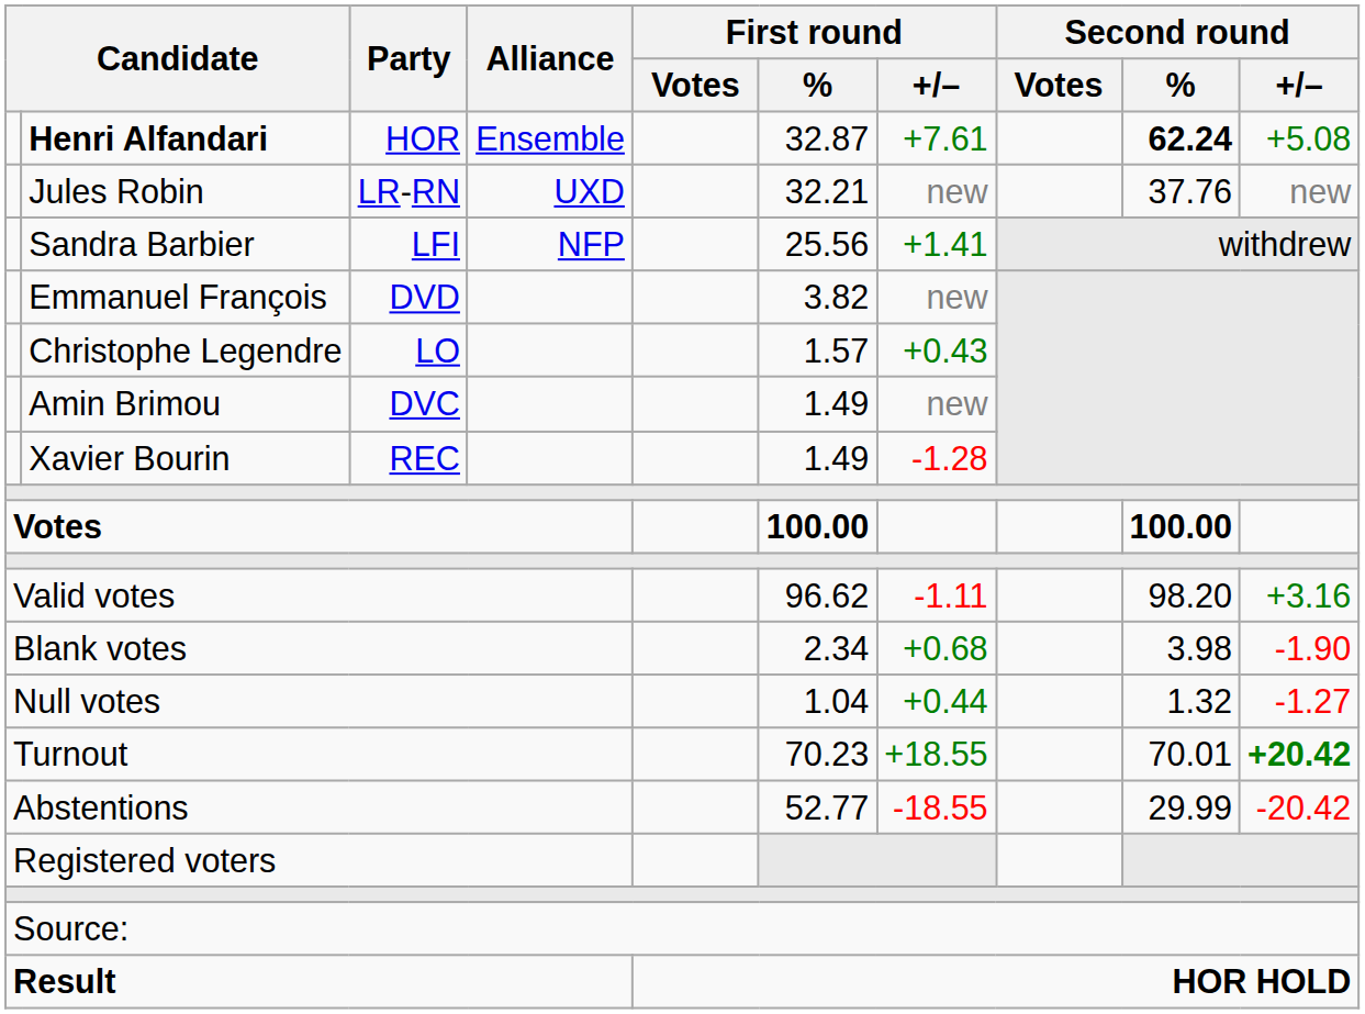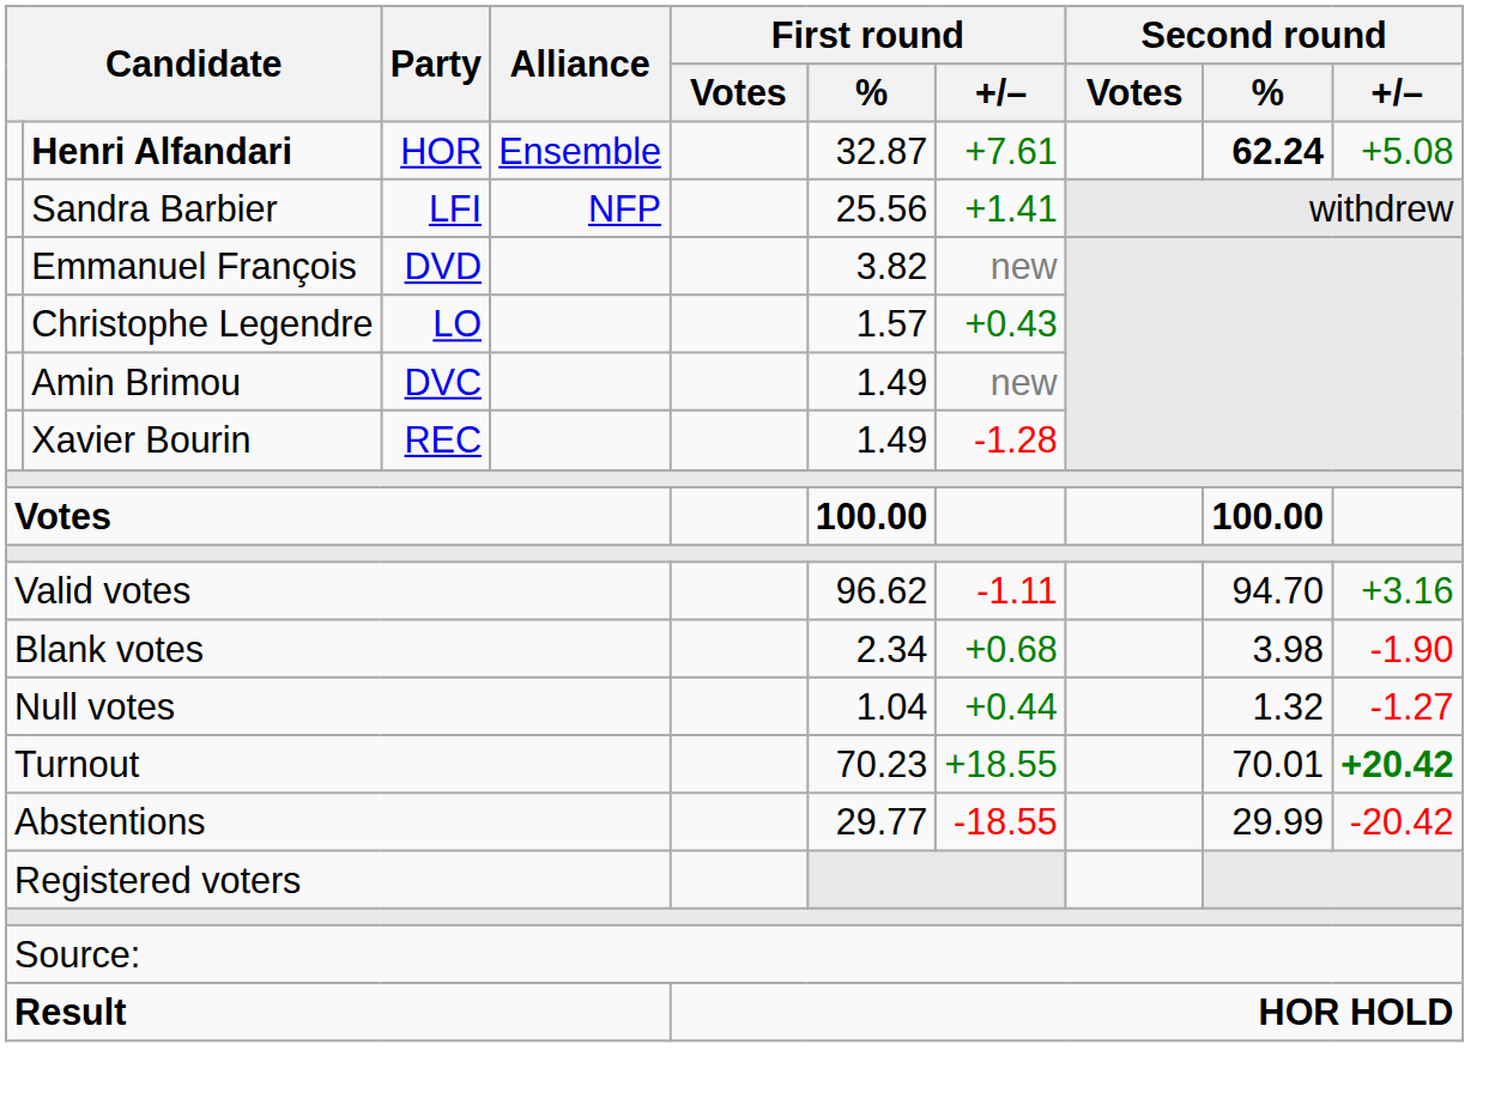 <table class="wikitable" style="text-align:right;font-size:95%;">
 <tr>
 <th rowspan="2" colspan="2">Candidate</th>
 <th colspan="1" rowspan="2">Party</th>
 <th colspan="1" rowspan="2">Alliance</th>
 <th colspan="3">First round</th>
 <th colspan="3">Second round</th>
 </tr>
 <tr>
 <th style="width:50px;">Votes</th>
 <th style="width:45px;">%</th>
 <th style="width:45px;">+/–</th>
 <th style="width:50px;">Votes</th>
 <th style="width:45px;">%</th>
 <th style="width:45px;">+/–</th>
 </tr>
 <tr>
 <td style="color:inherit;background:"></td>
 <td style="text-align:left;"><strong>Henri Alfandari</strong></td>
 <td><a href='#'>HOR</a></td>
 <td><a href='#'>Ensemble</a></td>
 <td></td>
 <td>32.87</td>
 <td style="color:green;">+7.61</td>
 <td><strong></strong></td>
 <td><strong>62.24</strong></td>
 <td style="color:green;">+5.08</td>
-</tr>
-<tr>
-<td style="color:inherit;background:"></td>
-<td style="text-align:left;">Jules Robin</td>
-<td><a href='#'>LR</a>-<a href='#'>RN</a></td>
-<td><a href='#'>UXD</a></td>
-<td></td>
-<td>32.21</td>
-<td style="color:grey;">new</td>
-<td></td>
-<td>37.76</td>
-<td style="color:grey;">new</td>
 </tr>
 <tr>
 <td style="color:inherit;background:"></td>
 <td style="text-align:left;">Sandra Barbier</td>
 <td><a href='#'>LFI</a></td>
 <td><a href='#'>NFP</a></td>
 <td></td>
 <td>25.56</td>
 <td style="color:green;">+1.41</td>
 <td colspan="3" style="background:#E9E9E9;">withdrew</td>
 </tr>
 <tr>
 <td style="color:inherit;background:"></td>
 <td style="text-align:left;">Emmanuel François</td>
 <td><a href='#'>DVD</a></td>
 <td></td>
 <td></td>
 <td>3.82</td>
 <td style="color:grey;">new</td>
 <td colspan="3" rowspan="4" style="background:#E9E9E9;"></td>
 </tr>
 <tr>
 <td style="color:inherit;background:"></td>
 <td style="text-align:left;">Christophe Legendre</td>
 <td><a href='#'>LO</a></td>
 <td></td>
 <td></td>
 <td>1.57</td>
 <td style="color:green;">+0.43</td>
 </tr>
 <tr>
 <td style="color:inherit;background:"></td>
 <td style="text-align:left;">Amin Brimou</td>
 <td><a href='#'>DVC</a></td>
 <td></td>
 <td></td>
 <td>1.49</td>
 <td style="color:grey;">new</td>
 </tr>
 <tr>
 <td style="color:inherit;background:"></td>
 <td style="text-align:left;">Xavier Bourin</td>
 <td><a href='#'>REC</a></td>
 <td></td>
 <td></td>
 <td>1.49</td>
 <td style="color:red;">-1.28</td>
 </tr>
 <tr>
 <td colspan="10" style="background:#E9E9E9;"></td>
 </tr>
 <tr style="font-weight:bold;">
 <td colspan="4" style="text-align:left;">Votes</td>
 <td></td>
 <td>100.00</td>
 <td></td>
 <td></td>
 <td>100.00</td>
 <td></td>
 </tr>
 <tr>
 <td colspan="10" style="background:#E9E9E9;"></td>
 </tr>
 <tr>
 <td colspan="4" style="text-align:left;">Valid votes</td>
 <td></td>
 <td>96.62</td>
 <td style="color:red;">-1.11</td>
 <td></td>
-<td>98.20</td>
+<td>94.70</td>
 <td style="color:green;">+3.16</td>
 </tr>
 <tr>
 <td colspan="4" style="text-align:left;">Blank votes</td>
 <td></td>
 <td>2.34</td>
 <td style="color:green;">+0.68</td>
 <td></td>
 <td>3.98</td>
 <td style="color:red;">-1.90</td>
 </tr>
 <tr>
 <td colspan="4" style="text-align:left;">Null votes</td>
 <td></td>
 <td>1.04</td>
 <td style="color:green;">+0.44</td>
 <td></td>
 <td>1.32</td>
 <td style="color:red;">-1.27</td>
 </tr>
 <tr>
 <td colspan="4" style="text-align:left;">Turnout</td>
 <td></td>
 <td>70.23</td>
 <td style="color:green;">+18.55</td>
 <td></td>
 <td>70.01</td>
 <td style="color:green;"><strong>+20.42</strong></td>
 </tr>
 <tr>
 <td colspan="4" style="text-align:left;">Abstentions</td>
 <td></td>
-<td>52.77</td>
+<td>29.77</td>
 <td style="color:red;">-18.55</td>
 <td></td>
 <td>29.99</td>
 <td style="color:red;">-20.42</td>
 </tr>
 <tr>
 <td colspan="4" style="text-align:left;">Registered voters</td>
 <td></td>
 <td colspan="2" style="background:#E9E9E9;"></td>
 <td></td>
 <td colspan="2" style="background:#E9E9E9;"></td>
 </tr>
 <tr>
 <td colspan="10" style="background:#E9E9E9;"></td>
 </tr>
 <tr>
 <td colspan="10" style="text-align:left;">Source: </td>
 </tr>
 <tr style="font-weight:bold">
 <td colspan="4" style="text-align:left;">Result</td>
 <td colspan="6" style="background-color:">HOR HOLD</td>
 </tr>
 </table>
